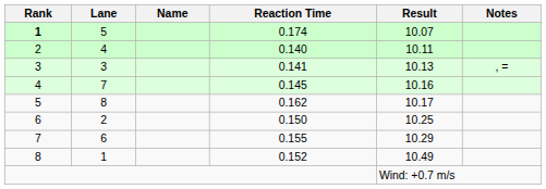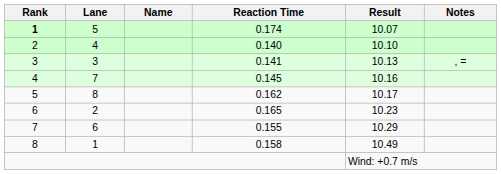 <table class="wikitable" style="text-align:center;width: 60%">
 <tr>
 <th>Rank</th>
 <th>Lane</th>
 <th>Name</th>
 <th>Reaction Time</th>
 <th>Result</th>
 <th>Notes</th>
 </tr>
 <tr bgcolor=ccffcc>
 <td><strong>1</strong></td>
 <td>5</td>
 <td align="left"></td>
 <td>0.174</td>
 <td>10.07</td>
 <td></td>
 </tr>
 <tr bgcolor=ccffcc>
 <td>2</td>
 <td>4</td>
 <td align="left"></td>
 <td>0.140</td>
-<td>10.11</td>
+<td>10.10</td>
 <td></td>
 </tr>
 <tr bgcolor=ddffdd>
 <td>3</td>
 <td>3</td>
 <td align="left"></td>
 <td>0.141</td>
 <td>10.13</td>
 <td>, =</td>
 </tr>
 <tr bgcolor=ddffdd>
 <td>4</td>
 <td>7</td>
 <td align="left"></td>
 <td>0.145</td>
 <td>10.16</td>
 <td></td>
 </tr>
 <tr>
 <td>5</td>
 <td>8</td>
 <td align="left"></td>
 <td>0.162</td>
 <td>10.17</td>
 <td></td>
 </tr>
 <tr>
 <td>6</td>
 <td>2</td>
 <td align="left"></td>
-<td>0.150</td>
-<td>10.25</td>
+<td>0.165</td>
+<td>10.23</td>
 <td></td>
 </tr>
 <tr>
 <td>7</td>
 <td>6</td>
 <td align="left"></td>
 <td>0.155</td>
 <td>10.29</td>
 <td></td>
 </tr>
 <tr>
 <td>8</td>
 <td>1</td>
 <td align="left"></td>
-<td>0.152</td>
+<td>0.158</td>
 <td>10.49</td>
 <td></td>
 </tr>
 <tr class="sortbottom">
 <td colspan=4></td>
 <td colspan="2" style="text-align:left;">Wind: +0.7 m/s</td>
 </tr>
 </table>
